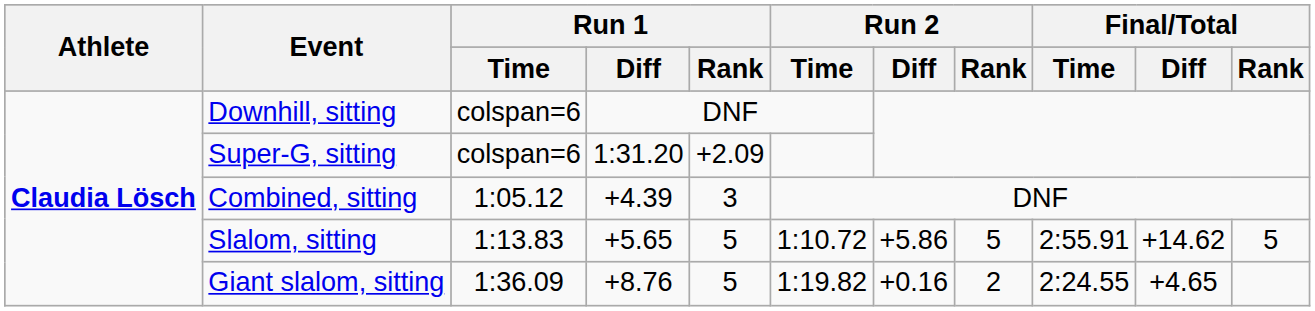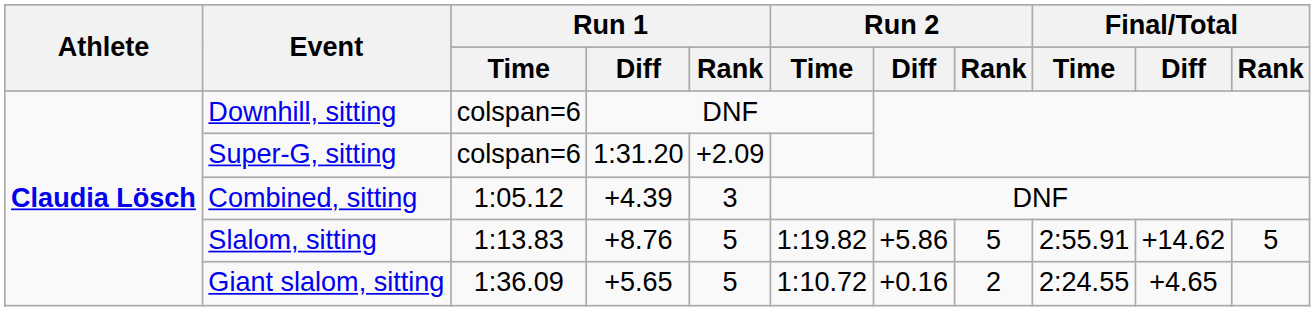 <table class="wikitable" style="font-size:100%">
 <tr>
 <th rowspan="2">Athlete</th>
 <th rowspan="2">Event</th>
 <th colspan="3">Run 1</th>
 <th colspan="3">Run 2</th>
 <th colspan="3">Final/Total</th>
 </tr>
 <tr>
 <th>Time</th>
 <th>Diff</th>
 <th>Rank</th>
 <th>Time</th>
 <th>Diff</th>
 <th>Rank</th>
 <th>Time</th>
 <th>Diff</th>
 <th>Rank</th>
 </tr>
 <tr>
 <td rowspan=5><strong><a href='#'>Claudia Lösch</a></strong></td>
 <td><a href='#'>Downhill, sitting</a></td>
 <td>colspan=6 </td>
 <td align="center" colspan=3>DNF</td>
 </tr>
 <tr>
 <td><a href='#'>Super-G, sitting</a></td>
 <td>colspan=6 </td>
 <td align="center">1:31.20</td>
 <td align="center">+2.09</td>
 <td align="center"></td>
 </tr>
 <tr>
 <td><a href='#'>Combined, sitting</a></td>
 <td align="center">1:05.12</td>
 <td align="center">+4.39</td>
 <td align="center">3</td>
 <td align="center" colspan=6>DNF</td>
 </tr>
 <tr>
 <td><a href='#'>Slalom, sitting</a></td>
 <td align="center">1:13.83</td>
-<td align="center">+5.65</td>
+<td align="center">+8.76</td>
 <td align="center">5</td>
-<td align="center">1:10.72</td>
+<td align="center">1:19.82</td>
 <td align="center">+5.86</td>
 <td align="center">5</td>
 <td align="center">2:55.91</td>
 <td align="center">+14.62</td>
 <td align="center">5</td>
 </tr>
 <tr>
 <td><a href='#'>Giant slalom, sitting</a></td>
 <td align="center">1:36.09</td>
-<td align="center">+8.76</td>
+<td align="center">+5.65</td>
 <td align="center">5</td>
-<td align="center">1:19.82</td>
+<td align="center">1:10.72</td>
 <td align="center">+0.16</td>
 <td align="center">2</td>
 <td align="center">2:24.55</td>
 <td align="center">+4.65</td>
 <td align="center"></td>
 </tr>
 </table>
